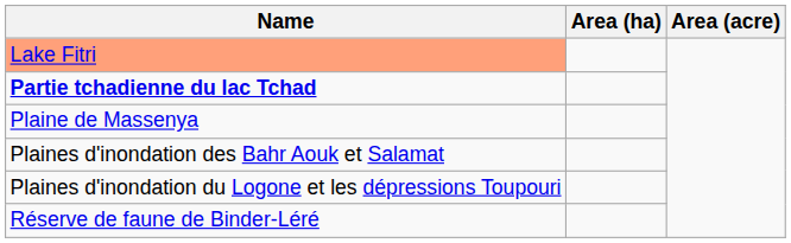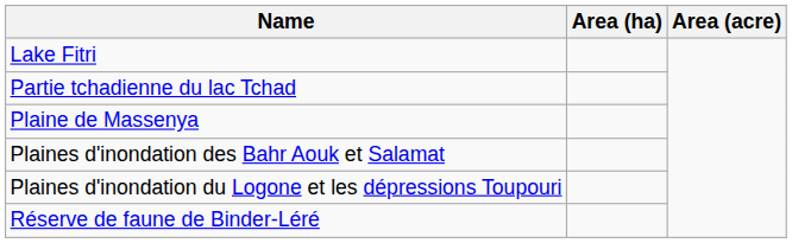 <table class="wikitable sortable">
 <tr>
 <th scope="col" align=left>Name</th>
 <th scope="col">Area (ha)</th>
 <th scope="col">Area (acre)</th>
 </tr>
 <tr ---->
-<td style="background: lightsalmon;"><a href='#'>Lake Fitri</a></td>
+<td><a href='#'>Lake Fitri</a></td>
 <td></td>
 </tr>
 <tr ---->
-<td><strong><a href='#'>Partie tchadienne du lac Tchad</a></strong></td>
+<td><a href='#'>Partie tchadienne du lac Tchad</a></td>
 <td></td>
 </tr>
 <tr ---->
 <td><a href='#'>Plaine de Massenya</a></td>
 <td></td>
 </tr>
 <tr ---->
 <td>Plaines d'inondation des <a href='#'>Bahr Aouk</a> et <a href='#'>Salamat</a></td>
 <td></td>
 </tr>
 <tr ---->
 <td>Plaines d'inondation du <a href='#'>Logone</a> et les <a href='#'>dépressions Toupouri</a></td>
 <td></td>
 </tr>
 <tr ---->
 <td><a href='#'>Réserve de faune de Binder-Léré</a></td>
 <td></td>
 </tr>
 </table>
